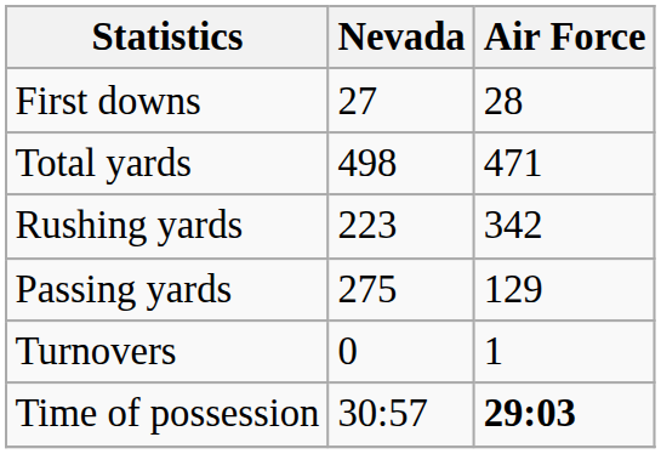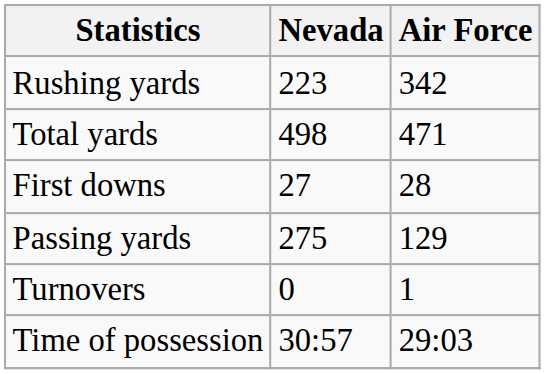 <table class="wikitable">
 <tr>
 <th>Statistics</th>
 <th>Nevada</th>
 <th>Air Force</th>
 </tr>
 <tr>
-<td>First downs</td>
-<td>27</td>
-<td>28</td>
+<td>Rushing yards</td>
+<td>223</td>
+<td>342</td>
 </tr>
 <tr>
 <td>Total yards</td>
 <td>498</td>
 <td>471</td>
 </tr>
 <tr>
-<td>Rushing yards</td>
-<td>223</td>
-<td>342</td>
+<td>First downs</td>
+<td>27</td>
+<td>28</td>
 </tr>
 <tr>
 <td>Passing yards</td>
 <td>275</td>
 <td>129</td>
 </tr>
 <tr>
 <td>Turnovers</td>
 <td>0</td>
 <td>1</td>
 </tr>
 <tr>
 <td>Time of possession</td>
 <td>30:57</td>
-<td><strong>29:03</strong></td>
+<td>29:03</td>
 </tr>
 <tr>
 </tr>
 </table>
